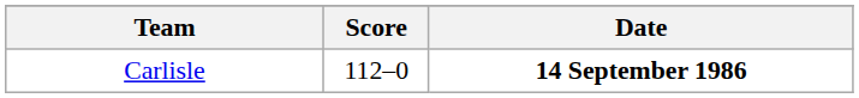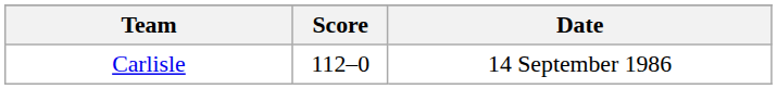 <table class="wikitable sortable" width="75%" style="font-size:90%">
 <tr bgcolor="#efefef">
 </tr>
 <tr bgcolor="#efefef">
 <th width=30%>Team</th>
 <th width=10%>Score</th>
 <th width=40%>Date</th>
 </tr>
 <tr bgcolor=#FFFFFF>
 <td align=center><a href='#'>Carlisle</a></td>
 <td align=center>112–0</td>
-<td align=center><strong>14 September 1986</strong></td>
+<td align=center>14 September 1986</td>
 </tr>
 </table>
